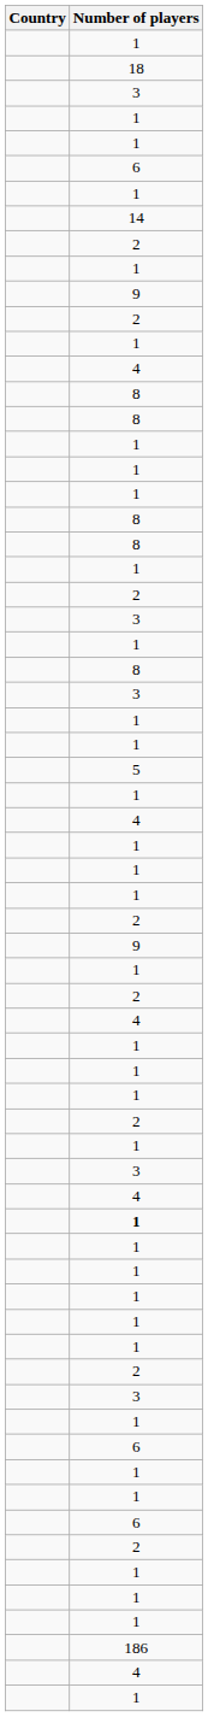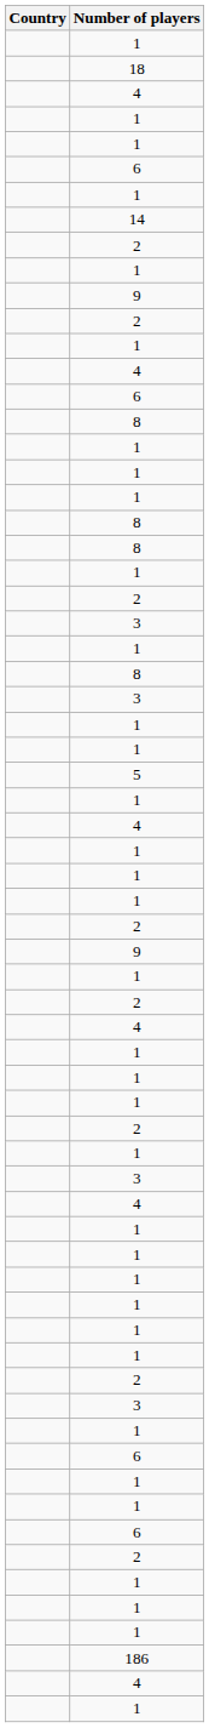 <table class="wikitable sortable">
 <tr>
 <th>Country</th>
 <th>Number of players</th>
 </tr>
 <tr>
 <td></td>
 <td align=center>1</td>
 </tr>
 <tr>
 <td></td>
 <td align=center>18</td>
 </tr>
 <tr>
 <td></td>
-<td align=center>3</td>
+<td align=center>4</td>
 </tr>
 <tr>
 <td></td>
 <td align=center>1</td>
 </tr>
 <tr>
 <td></td>
 <td align=center>1</td>
 </tr>
 <tr>
 <td></td>
 <td align=center>6</td>
 </tr>
 <tr>
 <td></td>
 <td align=center>1</td>
 </tr>
 <tr>
 <td></td>
 <td align=center>14</td>
 </tr>
 <tr>
 <td></td>
 <td align=center>2</td>
 </tr>
 <tr>
 <td></td>
 <td align=center>1</td>
 </tr>
 <tr>
 <td></td>
 <td align=center>9</td>
 </tr>
 <tr>
 <td></td>
 <td align=center>2</td>
 </tr>
 <tr>
 <td></td>
 <td align=center>1</td>
 </tr>
 <tr>
 <td></td>
 <td align=center>4</td>
 </tr>
 <tr>
 <td></td>
-<td align=center>8</td>
+<td align=center>6</td>
 </tr>
 <tr>
 <td></td>
 <td align=center>8</td>
 </tr>
 <tr>
 <td></td>
 <td align=center>1</td>
 </tr>
 <tr>
 <td></td>
 <td align=center>1</td>
 </tr>
 <tr>
 <td></td>
 <td align=center>1</td>
 </tr>
 <tr>
 <td></td>
 <td align=center>8</td>
 </tr>
 <tr>
 <td></td>
 <td align=center>8</td>
 </tr>
 <tr>
 <td></td>
 <td align=center>1</td>
 </tr>
 <tr>
 <td></td>
 <td align=center>2</td>
 </tr>
 <tr>
 <td></td>
 <td align=center>3</td>
 </tr>
 <tr>
 <td></td>
 <td align=center>1</td>
 </tr>
 <tr>
 <td></td>
 <td align=center>8</td>
 </tr>
 <tr>
 <td></td>
 <td align=center>3</td>
 </tr>
 <tr>
 <td></td>
 <td align=center>1</td>
 </tr>
 <tr>
 <td></td>
 <td align=center>1</td>
 </tr>
 <tr>
 <td></td>
 <td align=center>5</td>
 </tr>
 <tr>
 <td></td>
 <td align=center>1</td>
 </tr>
 <tr>
 <td></td>
 <td align=center>4</td>
 </tr>
 <tr>
 <td></td>
 <td align=center>1</td>
 </tr>
 <tr>
 <td></td>
 <td align=center>1</td>
 </tr>
 <tr>
 <td></td>
 <td align=center>1</td>
 </tr>
 <tr>
 <td></td>
 <td align=center>2</td>
 </tr>
 <tr>
 <td></td>
 <td align=center>9</td>
 </tr>
 <tr>
 <td></td>
 <td align=center>1</td>
 </tr>
 <tr>
 <td></td>
 <td align=center>2</td>
 </tr>
 <tr>
 <td></td>
 <td align=center>4</td>
 </tr>
 <tr>
 <td></td>
 <td align=center>1</td>
 </tr>
 <tr>
 <td></td>
 <td align=center>1</td>
 </tr>
 <tr>
 <td></td>
 <td align=center>1</td>
 </tr>
 <tr>
 <td></td>
 <td align=center>2</td>
 </tr>
 <tr>
 <td></td>
 <td align=center>1</td>
 </tr>
 <tr>
 <td></td>
 <td align=center>3</td>
 </tr>
 <tr>
 <td></td>
 <td align=center>4</td>
 </tr>
 <tr>
 <td></td>
-<td align=center><strong>1</strong></td>
+<td align=center>1</td>
 </tr>
 <tr>
 <td></td>
 <td align=center>1</td>
 </tr>
 <tr>
 <td></td>
 <td align=center>1</td>
 </tr>
 <tr>
 <td></td>
 <td align=center>1</td>
 </tr>
 <tr>
 <td></td>
 <td align=center>1</td>
 </tr>
 <tr>
 <td></td>
 <td align=center>1</td>
 </tr>
 <tr>
 <td></td>
 <td align=center>2</td>
 </tr>
 <tr>
 <td></td>
 <td align=center>3</td>
 </tr>
 <tr>
 <td></td>
 <td align=center>1</td>
 </tr>
 <tr>
 <td></td>
 <td align=center>6</td>
 </tr>
 <tr>
 <td></td>
 <td align=center>1</td>
 </tr>
 <tr>
 <td></td>
 <td align=center>1</td>
 </tr>
 <tr>
 <td></td>
 <td align=center>6</td>
 </tr>
 <tr>
 <td></td>
 <td align=center>2</td>
 </tr>
 <tr>
 <td></td>
 <td align=center>1</td>
 </tr>
 <tr>
 <td></td>
 <td align=center>1</td>
 </tr>
 <tr>
 <td></td>
 <td align=center>1</td>
 </tr>
 <tr>
 <td></td>
 <td align=center>186</td>
 </tr>
 <tr>
 <td></td>
 <td align=center>4</td>
 </tr>
 <tr>
 <td></td>
 <td align=center>1</td>
 </tr>
 </table>
